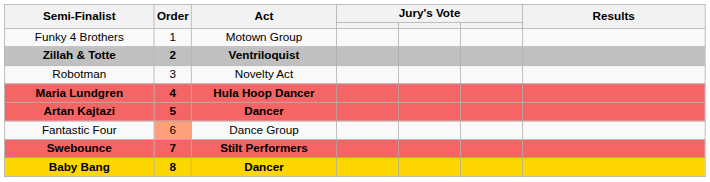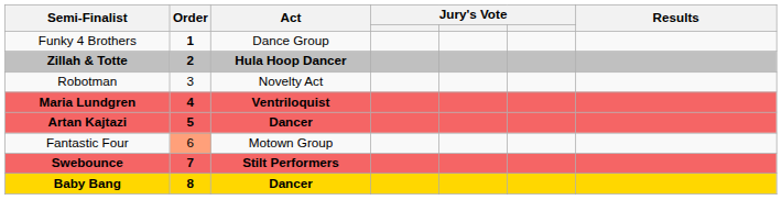 <table class="wikitable plainrowheaders sortable" style="text-align:center" width="76%;">
 <tr>
 <th scope="col" rowspan="2" class="unsortable" style="width:17em;">Semi-Finalist</th>
 <th scope="col" rowspan="2" style="width:1em;">Order</th>
 <th scope="col" rowspan="2" class="unsortable" style="width:16em;">Act</th>
 <th scope="col" colspan="3" class="unsortable" style="width:24em;">Jury's Vote</th>
 <th scope="col" rowspan="2" style="width:23em;">Results</th>
 </tr>
 <tr>
 <th scope="col" class="unsortable" style="width:6em;"></th>
 <th scope="col" class="unsortable" style="width:6em;"></th>
 <th scope="col" class="unsortable" style="width:6em;"></th>
 </tr>
 <tr>
 <td>Funky 4 Brothers</td>
-<td>1</td>
-<td>Motown Group</td>
+<td><strong>1</strong></td>
+<td>Dance Group</td>
 <td style="text-align:center;"></td>
 <td style="text-align:center;"></td>
 <td style="text-align:center;"></td>
 <td></td>
 </tr>
 <tr style="background:silver;">
 <td><strong>Zillah & Totte</strong></td>
 <td><strong>2</strong></td>
-<td><strong>Ventriloquist</strong></td>
+<td><strong>Hula Hoop Dancer</strong></td>
 <td style="text-align:center;"></td>
 <td style="text-align:center;"></td>
 <td style="text-align:center;"></td>
 <td><strong></strong></td>
 </tr>
 <tr>
 <td>Robotman</td>
 <td>3</td>
 <td>Novelty Act</td>
 <td style="text-align:center;"></td>
 <td style="text-align:center;"></td>
 <td style="text-align:center;"></td>
 <td></td>
 </tr>
 <tr style="background:#F56565">
 <td><strong>Maria Lundgren</strong></td>
 <td><strong>4</strong></td>
-<td><strong>Hula Hoop Dancer</strong></td>
+<td><strong>Ventriloquist</strong></td>
 <td style="text-align:center;"></td>
 <td style="text-align:center;"></td>
 <td style="text-align:center;"></td>
 <td></td>
 </tr>
 <tr style="background:#F56565">
 <td><strong>Artan Kajtazi</strong></td>
 <td><strong>5</strong></td>
 <td><strong>Dancer</strong></td>
 <td style="text-align:center;"></td>
 <td style="text-align:center;"></td>
 <td style="text-align:center;"></td>
 <td></td>
 </tr>
 <tr>
 <td>Fantastic Four</td>
 <td style="background: lightsalmon;">6</td>
-<td>Dance Group</td>
+<td>Motown Group</td>
 <td style="text-align:center;"></td>
 <td style="text-align:center;"></td>
 <td style="text-align:center;"></td>
 <td></td>
 </tr>
 <tr style="background:#F56565">
 <td><strong>Swebounce</strong></td>
 <td><strong>7</strong></td>
 <td><strong>Stilt Performers</strong></td>
 <td style="text-align:center;"></td>
 <td style="text-align:center;"></td>
 <td style="text-align:center;"></td>
 <td></td>
 </tr>
 <tr style="background:gold;">
 <td><strong>Baby Bang</strong></td>
 <td><strong>8</strong></td>
 <td><strong>Dancer</strong></td>
 <td style="text-align:center;"></td>
 <td style="text-align:center;"></td>
 <td style="text-align:center;"></td>
 <td><strong></strong></td>
 </tr>
 </table>
